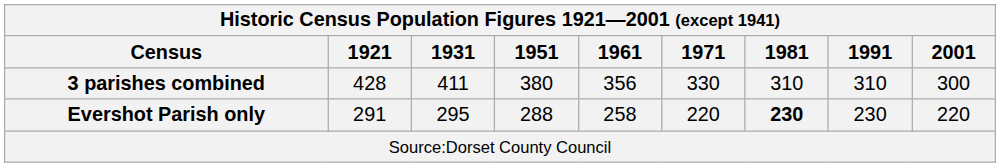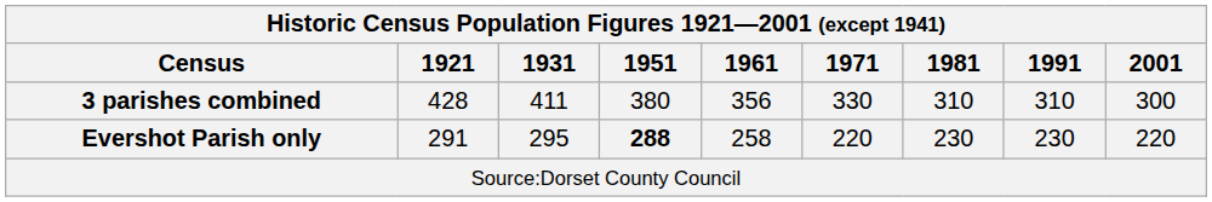 <table class="wikitable" style="width:800px;">
 <tr>
 <th colspan= "15" style="background:; color:"><span>Historic Census Population Figures 1921—2001 <small>(except 1941)</small></span></th>
 </tr>
 <tr style="text-align:center;">
 <th style="background:; color: height:15px;">Census</th>
 <th style="background:;">1921</th>
 <th style="background:;">1931</th>
 <th style="background:;">1951</th>
 <th style="background:;">1961</th>
 <th style="background:;">1971</th>
 <th style="background:;">1981</th>
 <th style="background:;">1991</th>
 <th style="background:;">2001</th>
 </tr>
 <tr style="text-align:center;">
 <th style="background:; color: height:15px;">3 parishes combined</th>
 <td style="background:#F2F2F2;">428</td>
 <td style="background:#F2F2F2;">411</td>
 <td style="background:#F2F2F2;">380</td>
 <td style="background:#F2F2F2;">356</td>
 <td style="background:#F2F2F2;">330</td>
 <td style="background:#F2F2F2;">310</td>
 <td style="background:#F2F2F2;">310</td>
 <td style="background:#F2F2F2;">300</td>
 </tr>
 <tr style="text-align:center;">
 <th style="background:; color: height:15px;">Evershot Parish only</th>
 <td style="background:#F2F2F2;">291</td>
 <td style="background:#F2F2F2;">295</td>
-<td style="background:#F2F2F2;">288</td>
+<td style="background:#F2F2F2;"><strong>288</strong></td>
 <td style="background:#F2F2F2;">258</td>
 <td style="background:#F2F2F2;">220</td>
-<td style="background:#F2F2F2;"><strong>230</strong></td>
+<td style="background:#F2F2F2;">230</td>
 <td style="background:#F2F2F2;">230</td>
 <td style="background:#F2F2F2;">220</td>
 </tr>
 <tr style="text-align:center;">
 <td colspan="15" style="background:#F2F2F2; color: text-align:center;"><small>Source:Dorset County Council</small></td>
 </tr>
 </table>
